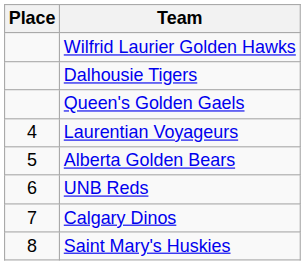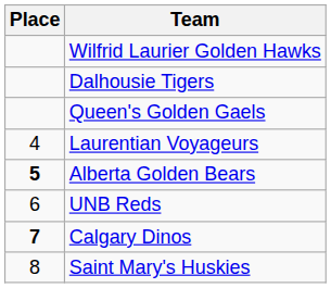 <table class="wikitable">
 <tr>
 <th>Place</th>
 <th>Team</th>
 </tr>
 <tr>
 <td align=center></td>
 <td> <a href='#'>Wilfrid Laurier Golden Hawks</a></td>
 </tr>
 <tr>
 <td align=center></td>
 <td> <a href='#'>Dalhousie Tigers</a></td>
 </tr>
 <tr>
 <td align=center></td>
 <td> <a href='#'>Queen's Golden Gaels</a></td>
 </tr>
 <tr>
 <td align=center>4</td>
 <td> <a href='#'>Laurentian Voyageurs</a></td>
 </tr>
 <tr>
-<td align=center>5</td>
+<td align=center><strong>5</strong></td>
 <td> <a href='#'>Alberta Golden Bears</a></td>
 </tr>
 <tr>
 <td align=center>6</td>
 <td> <a href='#'>UNB Reds</a></td>
 </tr>
 <tr>
-<td align=center>7</td>
+<td align=center><strong>7</strong></td>
 <td> <a href='#'>Calgary Dinos</a></td>
 </tr>
 <tr>
 <td align=center>8</td>
 <td> <a href='#'>Saint Mary's Huskies</a></td>
 </tr>
 </table>
